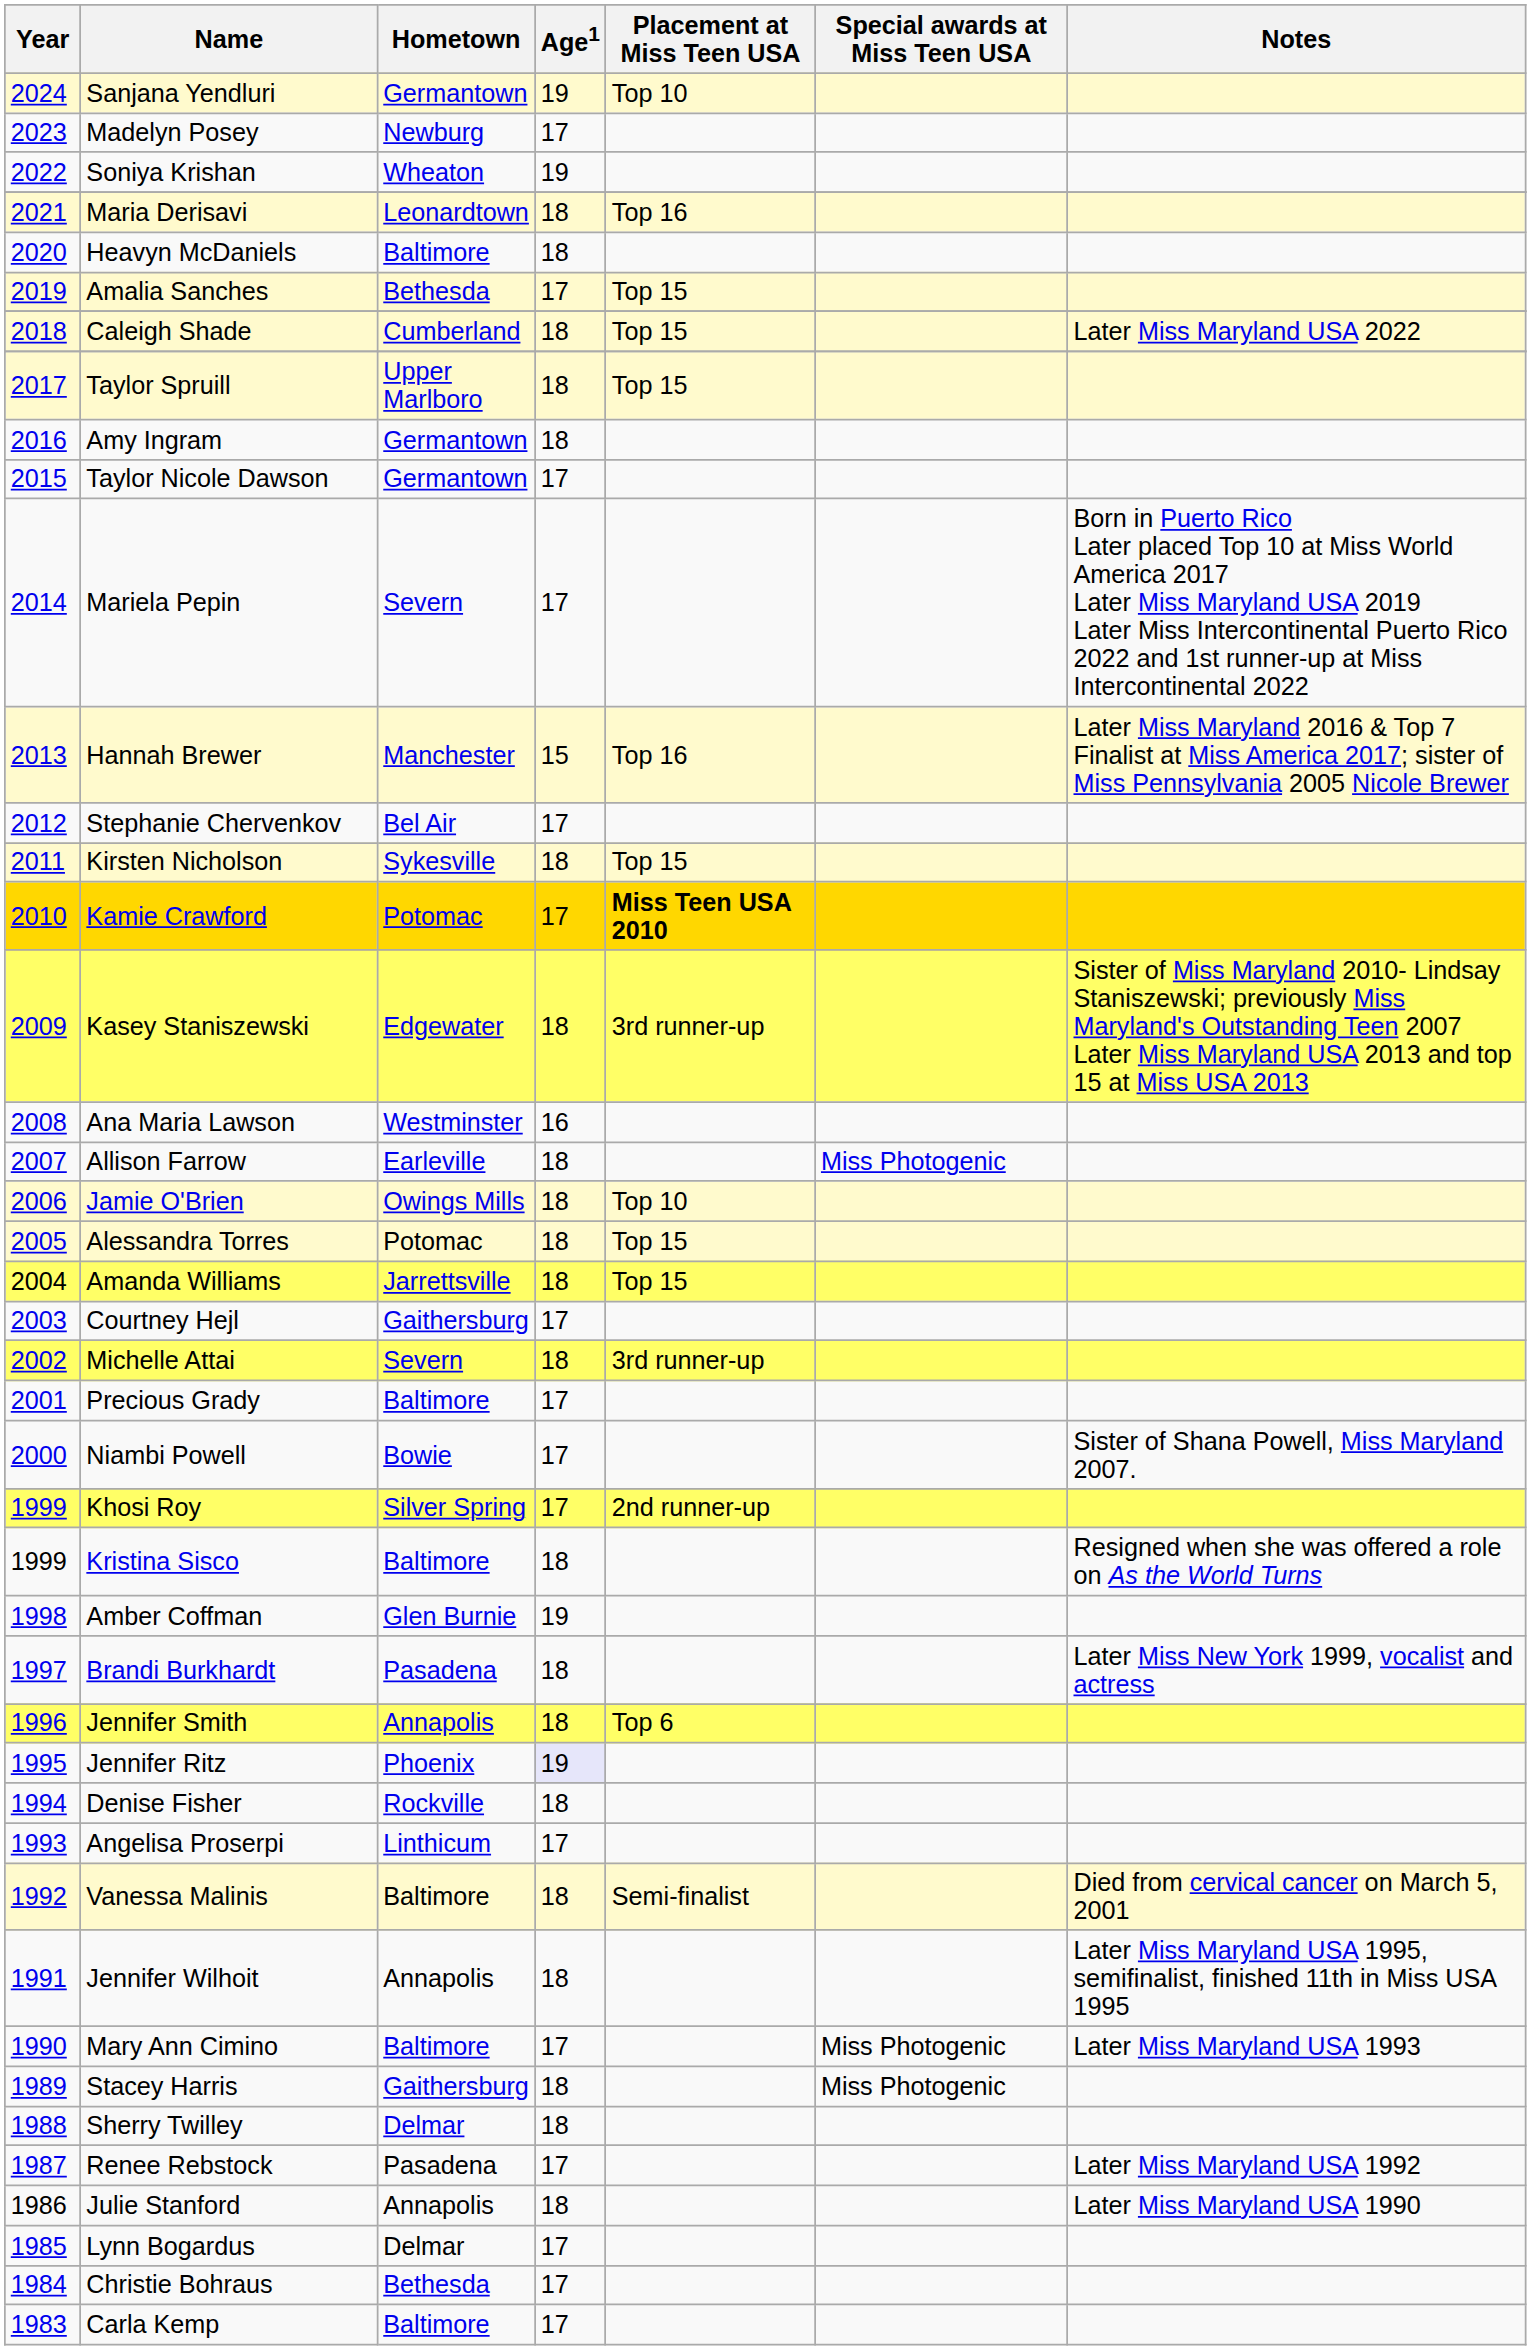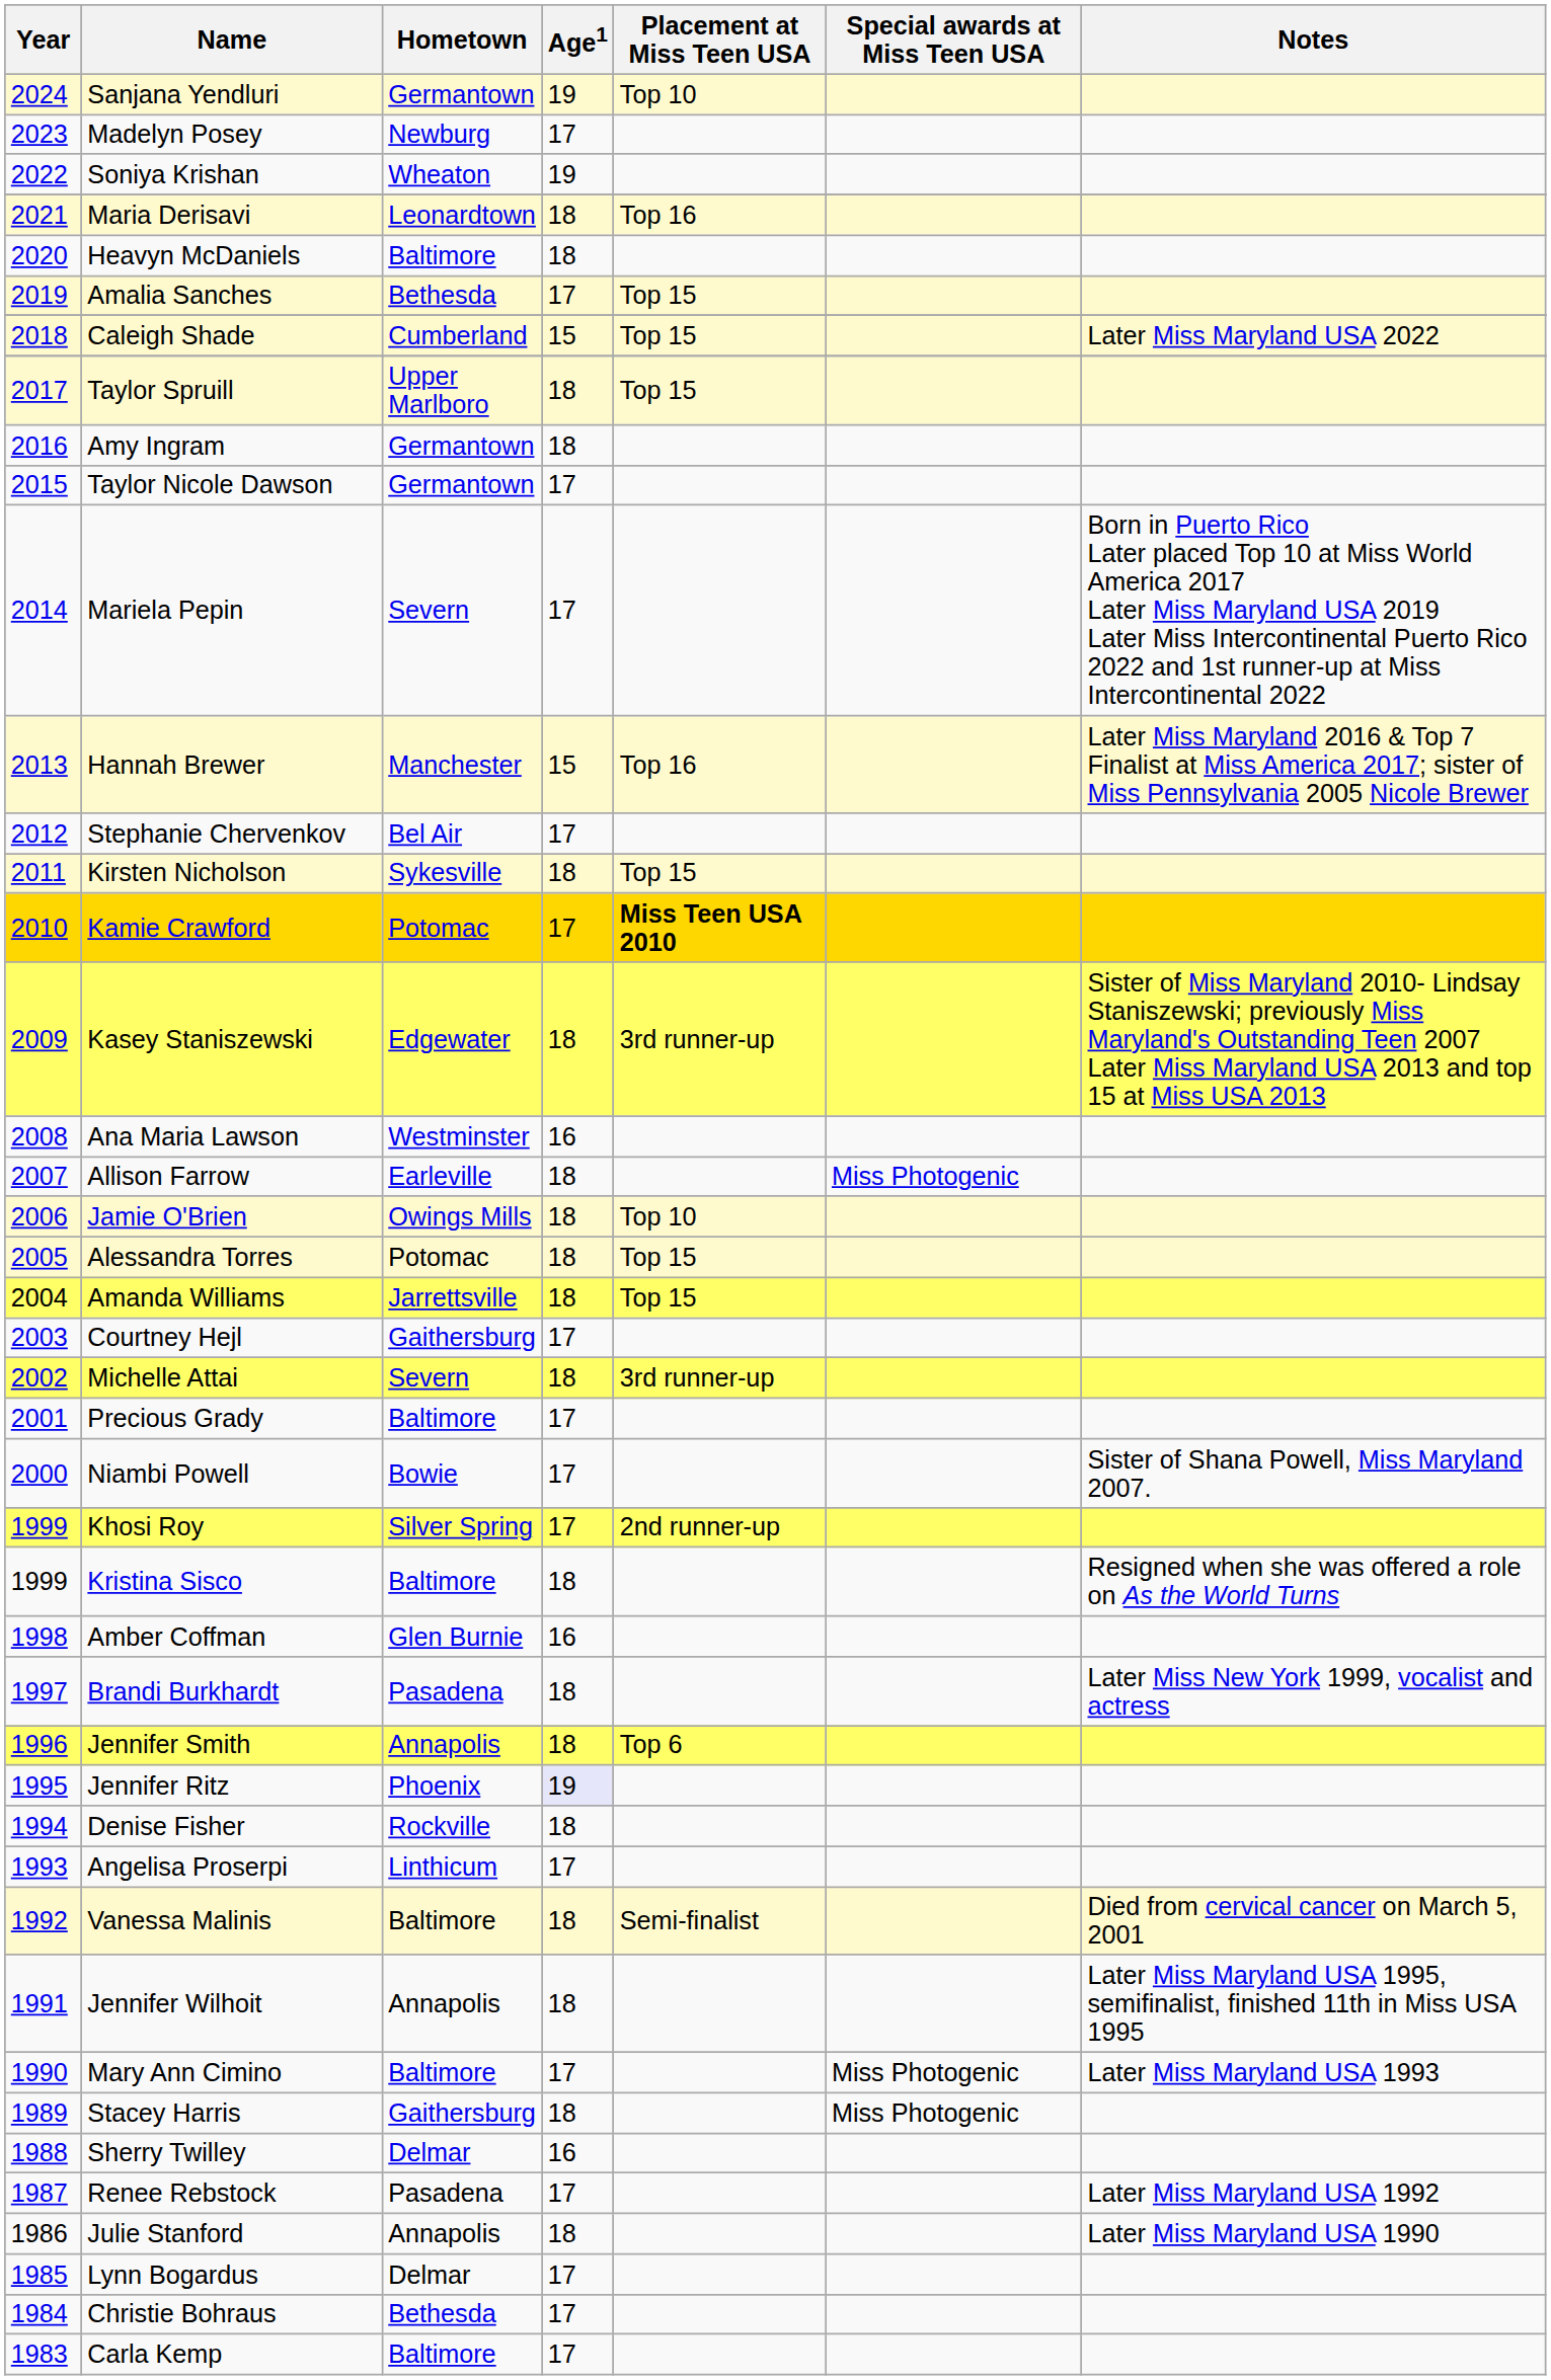 <table class="wikitable"style="font-size:90%;">
 <tr style="background:#efefef;">
 <th style="width:5%;">Year</th>
 <th style="width:20%;">Name</th>
 <th style="width:10%;">Hometown</th>
 <th width=3%>Age<sup>1</sup></th>
 <th style="width:14%;">Placement at Miss Teen USA</th>
 <th style="width:17%;">Special awards at Miss Teen  USA</th>
 <th style="width:31%;">Notes</th>
 </tr>
 <tr style="background-color:#FFFACD;”">
 <td><a href='#'>2024</a></td>
 <td>Sanjana Yendluri</td>
 <td><a href='#'>Germantown</a></td>
 <td>19</td>
 <td>Top 10</td>
 <td></td>
 <td></td>
 </tr>
 <tr>
 <td><a href='#'>2023</a></td>
 <td>Madelyn Posey</td>
 <td><a href='#'>Newburg</a></td>
 <td>17</td>
 <td></td>
 <td></td>
 <td></td>
 </tr>
 <tr>
 <td><a href='#'>2022</a></td>
 <td>Soniya Krishan</td>
 <td><a href='#'>Wheaton</a></td>
 <td>19</td>
 <td></td>
 <td></td>
 <td></td>
 </tr>
 <tr>
 </tr>
 <tr style="background-color:#FFFACD">
 <td><a href='#'>2021</a></td>
 <td>Maria Derisavi</td>
 <td><a href='#'>Leonardtown</a></td>
 <td>18</td>
 <td>Top 16</td>
 <td></td>
 <td></td>
 </tr>
 <tr>
 <td><a href='#'>2020</a></td>
 <td>Heavyn McDaniels</td>
 <td><a href='#'>Baltimore</a></td>
 <td>18</td>
 <td></td>
 <td></td>
 <td></td>
 </tr>
 <tr style="background-color:#FFFACD;">
 <td><a href='#'>2019</a></td>
 <td>Amalia Sanches</td>
 <td><a href='#'>Bethesda</a></td>
 <td>17</td>
 <td>Top 15</td>
 <td></td>
 <td></td>
 </tr>
 <tr>
 </tr>
 <tr style="background-color:#FFFACD;”">
 <td><a href='#'>2018</a></td>
 <td>Caleigh Shade</td>
 <td><a href='#'>Cumberland</a></td>
-<td>18</td>
+<td>15</td>
 <td>Top 15</td>
 <td></td>
 <td>Later <a href='#'>Miss Maryland USA</a> 2022</td>
 </tr>
 <tr>
 </tr>
 <tr style="background-color:#FFFACD;">
 <td><a href='#'>2017</a></td>
 <td>Taylor Spruill</td>
 <td><a href='#'>Upper Marlboro</a></td>
 <td>18</td>
 <td>Top 15</td>
 <td></td>
 <td></td>
 </tr>
 <tr>
 <td><a href='#'>2016</a></td>
 <td>Amy Ingram</td>
 <td><a href='#'>Germantown</a></td>
 <td>18</td>
 <td></td>
 <td></td>
 <td></td>
 </tr>
 <tr>
 <td><a href='#'>2015</a></td>
 <td>Taylor Nicole Dawson</td>
 <td><a href='#'>Germantown</a></td>
 <td>17</td>
 <td></td>
 <td></td>
 <td></td>
 </tr>
 <tr>
 <td><a href='#'>2014</a></td>
 <td>Mariela Pepin</td>
 <td><a href='#'>Severn</a></td>
 <td>17</td>
 <td></td>
 <td></td>
 <td>Born in <a href='#'>Puerto Rico</a><br>Later placed Top 10 at Miss World America 2017<br>Later <a href='#'>Miss Maryland USA</a> 2019<br>Later Miss Intercontinental Puerto Rico 2022 and 1st runner-up at Miss Intercontinental 2022</td>
 </tr>
 <tr style="background-color:#FFFACD;">
 <td><a href='#'>2013</a></td>
 <td>Hannah Brewer</td>
 <td><a href='#'>Manchester</a></td>
 <td>15</td>
 <td>Top 16</td>
 <td></td>
 <td>Later <a href='#'>Miss Maryland</a> 2016 & Top 7 Finalist at <a href='#'>Miss America 2017</a>; sister of <a href='#'>Miss Pennsylvania</a> 2005 <a href='#'>Nicole Brewer</a></td>
 </tr>
 <tr>
 <td><a href='#'>2012</a></td>
 <td>Stephanie Chervenkov</td>
 <td><a href='#'>Bel Air</a></td>
 <td>17</td>
 <td></td>
 <td></td>
 <td></td>
 </tr>
 <tr style="background-color:#FFFACD;">
 <td><a href='#'>2011</a></td>
 <td>Kirsten Nicholson</td>
 <td><a href='#'>Sykesville</a></td>
 <td>18</td>
 <td>Top 15</td>
 <td></td>
 <td></td>
 </tr>
 <tr style="background-color:GOLD;">
 <td><a href='#'>2010</a></td>
 <td><a href='#'>Kamie Crawford</a></td>
 <td><a href='#'>Potomac</a></td>
 <td>17</td>
 <td><strong>Miss Teen USA 2010</strong></td>
 <td></td>
 <td></td>
 </tr>
 <tr style="background-color:#FFFF66;”">
 <td><a href='#'>2009</a></td>
 <td>Kasey Staniszewski</td>
 <td><a href='#'>Edgewater</a></td>
 <td>18</td>
 <td>3rd runner-up</td>
 <td></td>
 <td>Sister of <a href='#'>Miss Maryland</a> 2010- Lindsay Staniszewski; previously <a href='#'>Miss Maryland's Outstanding Teen</a> 2007 Later <a href='#'>Miss Maryland USA</a> 2013 and top 15 at <a href='#'>Miss USA 2013</a></td>
 </tr>
 <tr>
 <td><a href='#'>2008</a></td>
 <td>Ana Maria Lawson</td>
 <td><a href='#'>Westminster</a></td>
 <td>16</td>
 <td></td>
 <td></td>
 <td></td>
 </tr>
 <tr>
 <td><a href='#'>2007</a></td>
 <td>Allison Farrow</td>
 <td><a href='#'>Earleville</a></td>
 <td>18</td>
 <td></td>
 <td><a href='#'>Miss Photogenic</a></td>
 <td></td>
 </tr>
 <tr style="background-color:#FFFACD;”">
 <td><a href='#'>2006</a></td>
 <td><a href='#'>Jamie O'Brien</a></td>
 <td><a href='#'>Owings Mills</a></td>
 <td>18</td>
 <td>Top 10</td>
 <td></td>
 <td></td>
 </tr>
 <tr style="background-color:#FFFACD;”">
 <td><a href='#'>2005</a></td>
 <td>Alessandra Torres</td>
 <td>Potomac</td>
 <td>18</td>
 <td>Top 15</td>
 <td></td>
 <td></td>
 </tr>
 <tr style="background-color:#FFFF66;”">
 <td>2004</td>
 <td>Amanda Williams</td>
 <td><a href='#'>Jarrettsville</a></td>
 <td>18</td>
 <td>Top 15</td>
 <td></td>
 <td></td>
 </tr>
 <tr>
 <td><a href='#'>2003</a></td>
 <td>Courtney Hejl</td>
 <td><a href='#'>Gaithersburg</a></td>
 <td>17</td>
 <td></td>
 <td></td>
 <td></td>
 </tr>
 <tr style="background-color:#FFFF66;”">
 <td><a href='#'>2002</a></td>
 <td>Michelle Attai</td>
 <td><a href='#'>Severn</a></td>
 <td>18</td>
 <td>3rd runner-up</td>
 <td></td>
 <td></td>
 </tr>
 <tr>
 <td><a href='#'>2001</a></td>
 <td>Precious Grady</td>
 <td><a href='#'>Baltimore</a></td>
 <td>17</td>
 <td></td>
 <td></td>
 <td></td>
 </tr>
 <tr>
 <td><a href='#'>2000</a></td>
 <td>Niambi Powell</td>
 <td><a href='#'>Bowie</a></td>
 <td>17</td>
 <td></td>
 <td></td>
 <td>Sister of Shana Powell, <a href='#'>Miss Maryland</a> 2007.</td>
 </tr>
 <tr style="background-color:#FFFF66;”">
 <td><a href='#'>1999</a></td>
 <td>Khosi Roy</td>
 <td><a href='#'>Silver Spring</a></td>
 <td>17</td>
 <td>2nd runner-up</td>
 <td></td>
 <td></td>
 </tr>
 <tr>
 <td>1999</td>
 <td><a href='#'>Kristina Sisco</a></td>
 <td><a href='#'>Baltimore</a></td>
 <td>18</td>
 <td></td>
 <td></td>
 <td>Resigned when she was offered a role on <em><a href='#'>As the World Turns</a></em></td>
 </tr>
 <tr>
 <td><a href='#'>1998</a></td>
 <td>Amber Coffman</td>
 <td><a href='#'>Glen Burnie</a></td>
-<td>19</td>
+<td>16</td>
 <td></td>
 <td></td>
 <td></td>
 </tr>
 <tr>
 <td><a href='#'>1997</a></td>
 <td><a href='#'>Brandi Burkhardt</a></td>
 <td><a href='#'>Pasadena</a></td>
 <td>18</td>
 <td></td>
 <td></td>
 <td>Later <a href='#'>Miss New York</a> 1999, <a href='#'>vocalist</a> and <a href='#'>actress</a></td>
 </tr>
 <tr style="background-color:#FFFF66;”">
 <td><a href='#'>1996</a></td>
 <td>Jennifer Smith</td>
 <td><a href='#'>Annapolis</a></td>
 <td>18</td>
 <td>Top 6</td>
 <td></td>
 <td></td>
 </tr>
 <tr>
 <td><a href='#'>1995</a></td>
 <td>Jennifer Ritz</td>
 <td><a href='#'>Phoenix</a></td>
 <td style="background: lavender;">19</td>
 <td></td>
 <td></td>
 <td></td>
 </tr>
 <tr>
 <td><a href='#'>1994</a></td>
 <td>Denise Fisher</td>
 <td><a href='#'>Rockville</a></td>
 <td>18</td>
 <td></td>
 <td></td>
 <td></td>
 </tr>
 <tr>
 <td><a href='#'>1993</a></td>
 <td>Angelisa Proserpi</td>
 <td><a href='#'>Linthicum</a></td>
 <td>17</td>
 <td></td>
 <td></td>
 <td></td>
 </tr>
 <tr style="background-color:#FFFACD;”">
 <td><a href='#'>1992</a></td>
 <td>Vanessa Malinis</td>
 <td>Baltimore</td>
 <td>18</td>
 <td>Semi-finalist</td>
 <td></td>
 <td>Died from <a href='#'>cervical cancer</a> on March 5, 2001</td>
 </tr>
 <tr>
 <td><a href='#'>1991</a></td>
 <td>Jennifer Wilhoit</td>
 <td>Annapolis</td>
 <td>18</td>
 <td></td>
 <td></td>
 <td>Later <a href='#'>Miss Maryland USA</a> 1995, semifinalist,  finished 11th in Miss USA 1995</td>
 </tr>
 <tr>
 <td><a href='#'>1990</a></td>
 <td>Mary Ann Cimino</td>
 <td><a href='#'>Baltimore</a></td>
 <td>17</td>
 <td></td>
 <td>Miss Photogenic</td>
 <td>Later <a href='#'>Miss Maryland USA</a> 1993</td>
 </tr>
 <tr>
 <td><a href='#'>1989</a></td>
 <td>Stacey Harris</td>
 <td><a href='#'>Gaithersburg</a></td>
 <td>18</td>
 <td></td>
 <td>Miss Photogenic</td>
 <td></td>
 </tr>
 <tr>
 <td><a href='#'>1988</a></td>
 <td>Sherry Twilley</td>
 <td><a href='#'>Delmar</a></td>
-<td>18</td>
+<td>16</td>
 <td></td>
 <td></td>
 <td></td>
 </tr>
 <tr>
 <td><a href='#'>1987</a></td>
 <td>Renee Rebstock</td>
 <td>Pasadena</td>
 <td>17</td>
 <td></td>
 <td></td>
 <td>Later <a href='#'>Miss Maryland USA</a> 1992</td>
 </tr>
 <tr>
 <td>1986</td>
 <td>Julie Stanford</td>
 <td>Annapolis</td>
 <td>18</td>
 <td></td>
 <td></td>
 <td>Later <a href='#'>Miss Maryland USA</a> 1990</td>
 </tr>
 <tr>
 <td><a href='#'>1985</a></td>
 <td>Lynn Bogardus</td>
 <td>Delmar</td>
 <td>17</td>
 <td></td>
 <td></td>
 <td></td>
 </tr>
 <tr>
 <td><a href='#'>1984</a></td>
 <td>Christie Bohraus</td>
 <td><a href='#'>Bethesda</a></td>
 <td>17</td>
 <td></td>
 <td></td>
 <td></td>
 </tr>
 <tr>
 <td><a href='#'>1983</a></td>
 <td>Carla Kemp</td>
 <td><a href='#'>Baltimore</a></td>
 <td>17</td>
 <td></td>
 <td></td>
 <td></td>
 </tr>
 </table>
